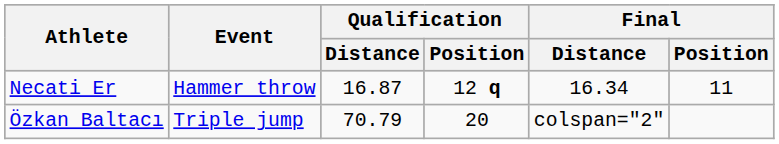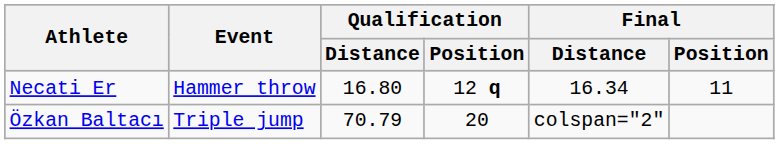 <table class="wikitable" style="font-size:90%">
 <tr>
 <th rowspan="2">Athlete</th>
 <th rowspan="2">Event</th>
 <th colspan="2">Qualification</th>
 <th colspan="2">Final</th>
 </tr>
 <tr>
 <th>Distance</th>
 <th>Position</th>
 <th>Distance</th>
 <th>Position</th>
 </tr>
 <tr style=text-align:center>
 <td style=text-align:left><a href='#'>Necati Er</a></td>
 <td style=text-align:left><a href='#'>Hammer throw</a></td>
-<td>16.87</td>
+<td>16.80</td>
 <td>12 <strong>q</strong></td>
 <td>16.34</td>
 <td>11</td>
 </tr>
 <tr style=text-align:center>
 <td style=text-align:left><a href='#'>Özkan Baltacı</a></td>
 <td style=text-align:left><a href='#'>Triple jump</a></td>
 <td>70.79</td>
 <td>20</td>
 <td>colspan="2" </td>
 </tr>
 </table>
